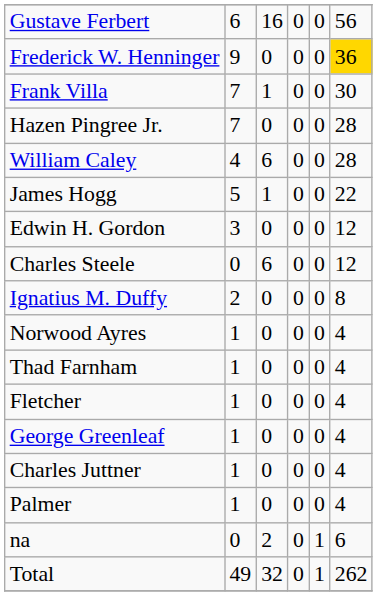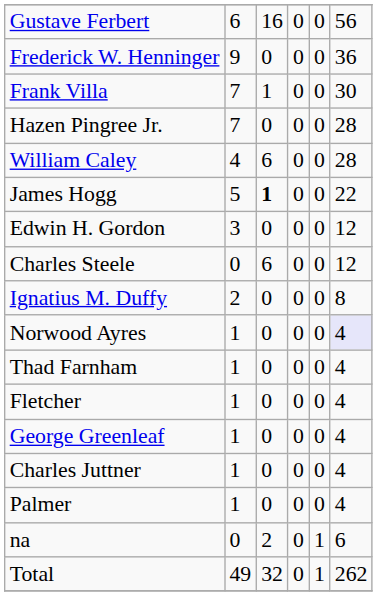 <table class="wikitable">
 <tr>
 </tr>
 <tr>
 <td><a href='#'>Gustave Ferbert</a></td>
 <td>6</td>
 <td>16</td>
 <td>0</td>
 <td>0</td>
 <td>56</td>
 </tr>
 <tr>
 <td><a href='#'>Frederick W. Henninger</a></td>
 <td>9</td>
 <td>0</td>
 <td>0</td>
 <td>0</td>
-<td style="background: gold;">36</td>
+<td>36</td>
 </tr>
 <tr>
 <td><a href='#'>Frank Villa</a></td>
 <td>7</td>
 <td>1</td>
 <td>0</td>
 <td>0</td>
 <td>30</td>
 </tr>
 <tr>
 <td>Hazen Pingree Jr.</td>
 <td>7</td>
 <td>0</td>
 <td>0</td>
 <td>0</td>
 <td>28</td>
 </tr>
 <tr>
 <td><a href='#'>William Caley</a></td>
 <td>4</td>
 <td>6</td>
 <td>0</td>
 <td>0</td>
 <td>28</td>
 </tr>
 <tr>
 <td>James Hogg</td>
 <td>5</td>
-<td>1</td>
+<td><strong>1</strong></td>
 <td>0</td>
 <td>0</td>
 <td>22</td>
 </tr>
 <tr>
 <td>Edwin H. Gordon</td>
 <td>3</td>
 <td>0</td>
 <td>0</td>
 <td>0</td>
 <td>12</td>
 </tr>
 <tr>
 <td>Charles Steele</td>
 <td>0</td>
 <td>6</td>
 <td>0</td>
 <td>0</td>
 <td>12</td>
 </tr>
 <tr>
 <td><a href='#'>Ignatius M. Duffy</a></td>
 <td>2</td>
 <td>0</td>
 <td>0</td>
 <td>0</td>
 <td>8</td>
 </tr>
 <tr>
 <td>Norwood Ayres</td>
 <td>1</td>
 <td>0</td>
 <td>0</td>
 <td>0</td>
-<td>4</td>
+<td style="background: lavender;">4</td>
 </tr>
 <tr>
 <td>Thad Farnham</td>
 <td>1</td>
 <td>0</td>
 <td>0</td>
 <td>0</td>
 <td>4</td>
 </tr>
 <tr>
 <td>Fletcher</td>
 <td>1</td>
 <td>0</td>
 <td>0</td>
 <td>0</td>
 <td>4</td>
 </tr>
 <tr>
 <td><a href='#'>George Greenleaf</a></td>
 <td>1</td>
 <td>0</td>
 <td>0</td>
 <td>0</td>
 <td>4</td>
 </tr>
 <tr>
 <td>Charles Juttner</td>
 <td>1</td>
 <td>0</td>
 <td>0</td>
 <td>0</td>
 <td>4</td>
 </tr>
 <tr>
 <td>Palmer</td>
 <td>1</td>
 <td>0</td>
 <td>0</td>
 <td>0</td>
 <td>4</td>
 </tr>
 <tr>
 <td>na</td>
 <td>0</td>
 <td>2</td>
 <td>0</td>
 <td>1</td>
 <td>6</td>
 </tr>
 <tr>
 <td>Total</td>
 <td>49</td>
 <td>32</td>
 <td>0</td>
 <td>1</td>
 <td>262</td>
 </tr>
 <tr>
 </tr>
 </table>
